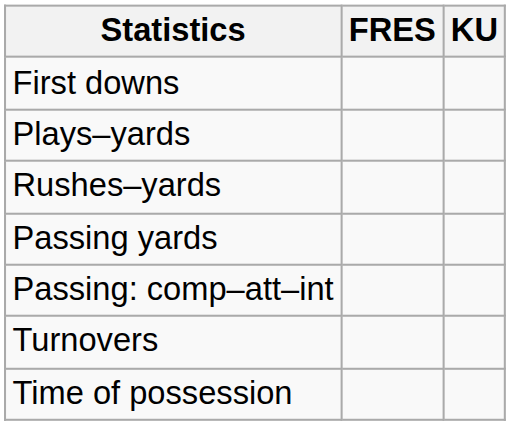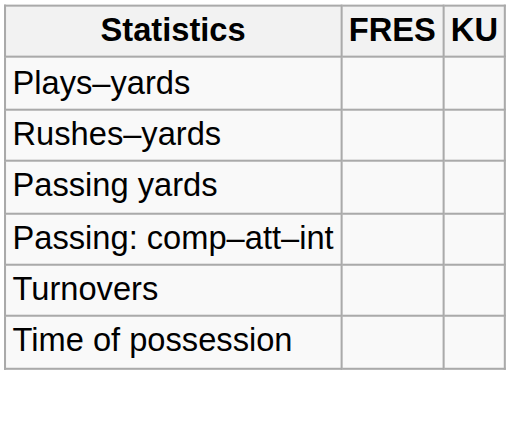 <table class="wikitable" style="float:left">
 <tr>
 <th>Statistics</th>
 <th>FRES</th>
 <th>KU</th>
-</tr>
-<tr>
-<td>First downs</td>
-<td></td>
-<td></td>
 </tr>
 <tr>
 <td>Plays–yards</td>
 <td></td>
 <td></td>
 </tr>
 <tr>
 <td>Rushes–yards</td>
 <td></td>
 <td></td>
 </tr>
 <tr>
 <td>Passing yards</td>
 <td></td>
 <td></td>
 </tr>
 <tr>
 <td>Passing: comp–att–int</td>
 <td></td>
 <td></td>
 </tr>
 <tr>
 <td>Turnovers</td>
 <td></td>
 <td></td>
 </tr>
 <tr>
 <td>Time of possession</td>
 <td></td>
 <td></td>
 </tr>
 </table>
